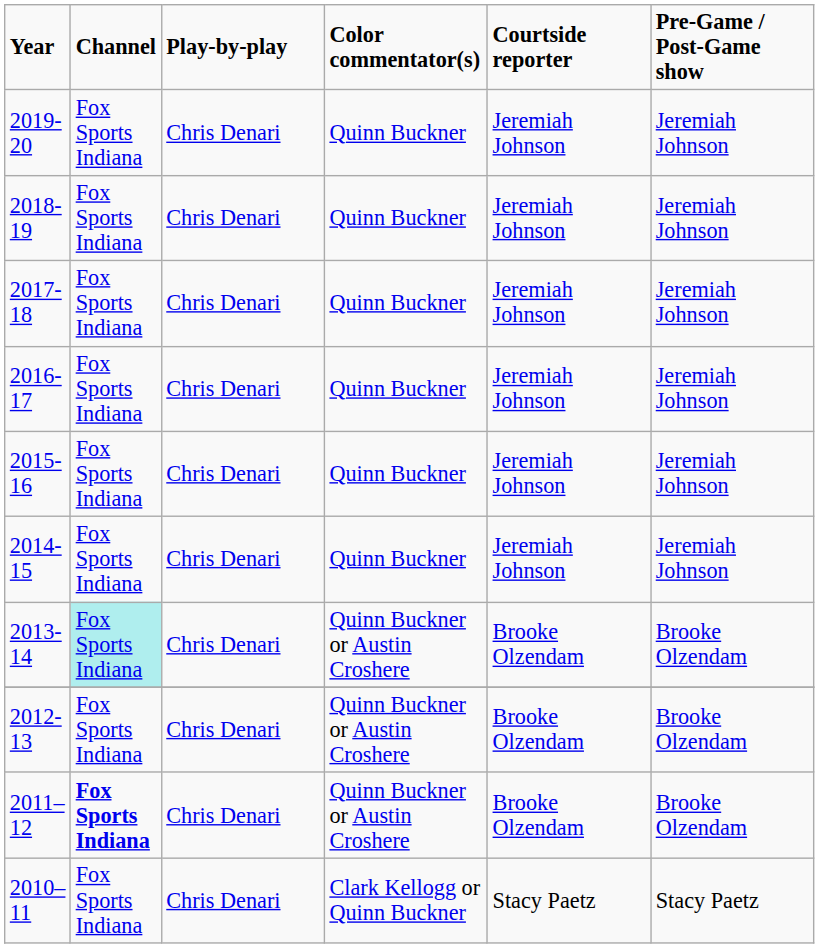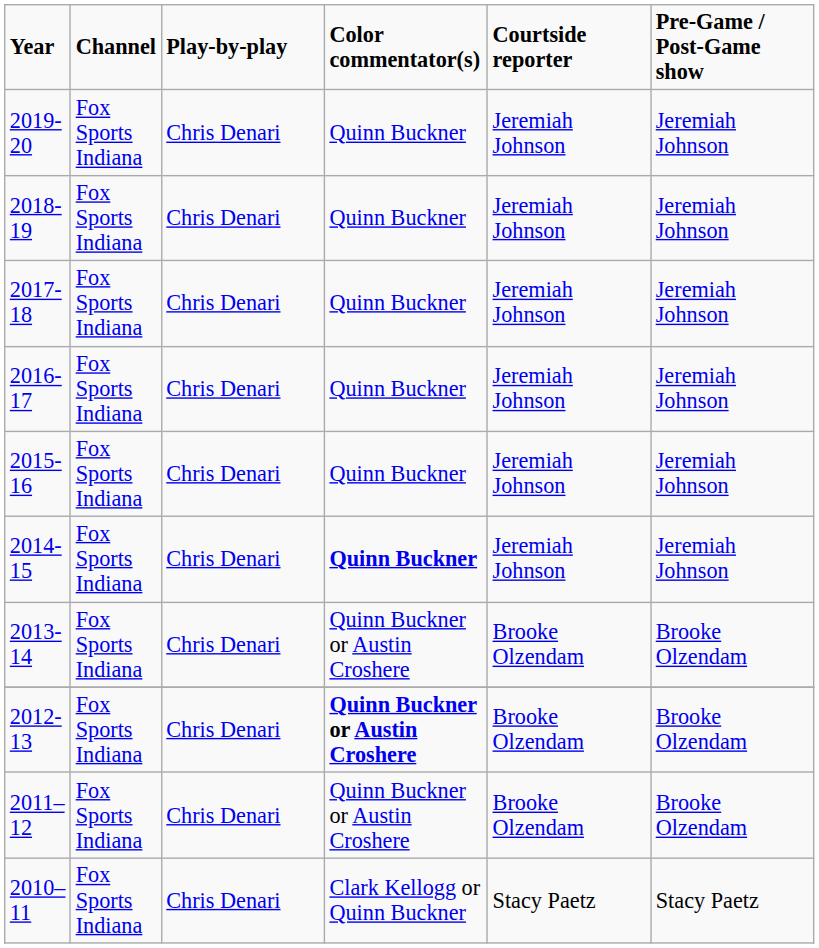 <table class="wikitable">
 <tr>
 <td width="40"><strong>Year</strong></td>
 <td width="40"><strong>Channel</strong></td>
 <td width="110"><strong>Play-by-play</strong></td>
 <td width="110"><strong>Color commentator(s)</strong></td>
 <td width="110"><strong>Courtside reporter</strong></td>
 <td width="110"><strong>Pre-Game / Post-Game show</strong></td>
 </tr>
 <tr |>
 <td><a href='#'>2019-20</a></td>
 <td><a href='#'>Fox Sports Indiana</a></td>
 <td><a href='#'>Chris Denari</a></td>
 <td><a href='#'>Quinn Buckner</a></td>
 <td><a href='#'>Jeremiah Johnson</a></td>
 <td><a href='#'>Jeremiah Johnson</a></td>
 </tr>
 <tr |>
 <td><a href='#'>2018-19</a></td>
 <td><a href='#'>Fox Sports Indiana</a></td>
 <td><a href='#'>Chris Denari</a></td>
 <td><a href='#'>Quinn Buckner</a></td>
 <td><a href='#'>Jeremiah Johnson</a></td>
 <td><a href='#'>Jeremiah Johnson</a></td>
 </tr>
 <tr |>
 <td><a href='#'>2017-18</a></td>
 <td><a href='#'>Fox Sports Indiana</a></td>
 <td><a href='#'>Chris Denari</a></td>
 <td><a href='#'>Quinn Buckner</a></td>
 <td><a href='#'>Jeremiah Johnson</a></td>
 <td><a href='#'>Jeremiah Johnson</a></td>
 </tr>
 <tr |>
 <td><a href='#'>2016-17</a></td>
 <td><a href='#'>Fox Sports Indiana</a></td>
 <td><a href='#'>Chris Denari</a></td>
 <td><a href='#'>Quinn Buckner</a></td>
 <td><a href='#'>Jeremiah Johnson</a></td>
 <td><a href='#'>Jeremiah Johnson</a></td>
 </tr>
 <tr |>
 <td><a href='#'>2015-16</a></td>
 <td><a href='#'>Fox Sports Indiana</a></td>
 <td><a href='#'>Chris Denari</a></td>
 <td><a href='#'>Quinn Buckner</a></td>
 <td><a href='#'>Jeremiah Johnson</a></td>
 <td><a href='#'>Jeremiah Johnson</a></td>
 </tr>
 <tr |>
 <td><a href='#'>2014-15</a></td>
 <td><a href='#'>Fox Sports Indiana</a></td>
 <td><a href='#'>Chris Denari</a></td>
-<td><a href='#'>Quinn Buckner</a></td>
+<td><strong><a href='#'>Quinn Buckner</a></strong></td>
 <td><a href='#'>Jeremiah Johnson</a></td>
 <td><a href='#'>Jeremiah Johnson</a></td>
 </tr>
 <tr |>
 <td><a href='#'>2013-14</a></td>
-<td style="background: paleturquoise;"><a href='#'>Fox Sports Indiana</a></td>
+<td><a href='#'>Fox Sports Indiana</a></td>
 <td><a href='#'>Chris Denari</a></td>
 <td><a href='#'>Quinn Buckner</a> or <a href='#'>Austin Croshere</a></td>
 <td><a href='#'>Brooke Olzendam</a></td>
 <td><a href='#'>Brooke Olzendam</a></td>
 </tr>
 <tr>
 </tr>
 <tr |>
 <td><a href='#'>2012-13</a></td>
 <td><a href='#'>Fox Sports Indiana</a></td>
 <td><a href='#'>Chris Denari</a></td>
-<td><a href='#'>Quinn Buckner</a> or <a href='#'>Austin Croshere</a></td>
+<td><strong><a href='#'>Quinn Buckner</a> or <a href='#'>Austin Croshere</a></strong></td>
 <td><a href='#'>Brooke Olzendam</a></td>
 <td><a href='#'>Brooke Olzendam</a></td>
 </tr>
 <tr>
 <td><a href='#'>2011–12</a></td>
-<td><strong><a href='#'>Fox Sports Indiana</a></strong></td>
+<td><a href='#'>Fox Sports Indiana</a></td>
 <td><a href='#'>Chris Denari</a></td>
 <td><a href='#'>Quinn Buckner</a> or <a href='#'>Austin Croshere</a></td>
 <td><a href='#'>Brooke Olzendam</a></td>
 <td><a href='#'>Brooke Olzendam</a></td>
 </tr>
 <tr>
 <td><a href='#'>2010–11</a></td>
 <td><a href='#'>Fox Sports Indiana</a></td>
 <td><a href='#'>Chris Denari</a></td>
 <td><a href='#'>Clark Kellogg</a> or <a href='#'>Quinn Buckner</a></td>
 <td>Stacy Paetz</td>
 <td>Stacy Paetz</td>
 </tr>
 </table>
